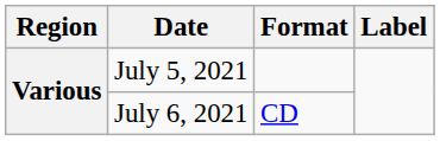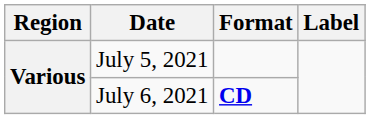 <table class="wikitable plainrowheaders">
 <tr>
 <th>Region</th>
 <th>Date</th>
 <th>Format</th>
 <th>Label</th>
 </tr>
 <tr>
 <th rowspan="2" scope="row">Various</th>
 <td>July 5, 2021</td>
 <td></td>
 <td rowspan="2"></td>
 </tr>
 <tr>
 <td>July 6, 2021</td>
-<td><a href='#'>CD</a></td>
+<td><strong><a href='#'>CD</a></strong></td>
 </tr>
 </table>
